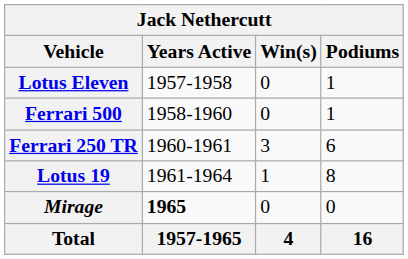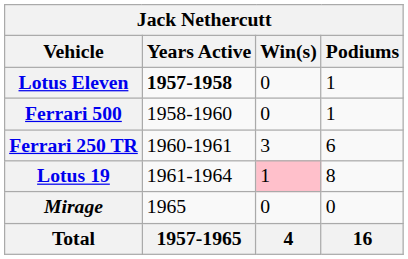 <table class="wikitable">
 <tr>
 <th colspan="4"> Jack Nethercutt</th>
 </tr>
 <tr>
 <th>Vehicle</th>
 <th>Years Active</th>
 <th>Win(s)</th>
 <th>Podiums</th>
 </tr>
 <tr>
 <th><a href='#'>Lotus Eleven</a></th>
-<td>1957-1958</td>
+<td><strong>1957-1958</strong></td>
 <td>0</td>
 <td>1</td>
 </tr>
 <tr>
 <th><a href='#'>Ferrari 500</a></th>
 <td>1958-1960</td>
 <td>0</td>
 <td>1</td>
 </tr>
 <tr>
 <th><a href='#'>Ferrari 250 TR</a></th>
 <td>1960-1961</td>
 <td>3</td>
 <td>6</td>
 </tr>
 <tr>
 <th><a href='#'>Lotus 19</a></th>
 <td>1961-1964</td>
-<td>1</td>
+<td style="background: pink;">1</td>
 <td>8</td>
 </tr>
 <tr>
 <th><em>Mirage</em></th>
-<td><strong>1965</strong></td>
+<td>1965</td>
 <td>0</td>
 <td>0</td>
 </tr>
 <tr>
 <th>Total</th>
 <th>1957-1965</th>
 <th>4</th>
 <th>16</th>
 </tr>
 </table>
